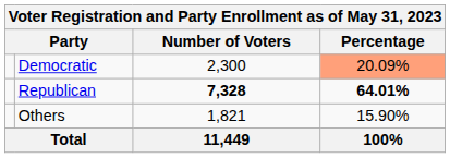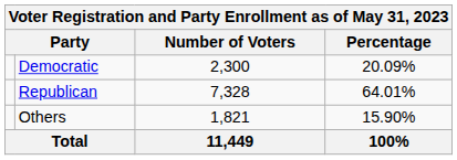 <table class=wikitable>
 <tr>
 <th colspan = 6>Voter Registration and Party Enrollment as of May 31, 2023</th>
 </tr>
 <tr>
 <th colspan = 2>Party</th>
 <th>Number of Voters</th>
 <th>Percentage</th>
 </tr>
 <tr>
 <td></td>
 <td><a href='#'>Democratic</a></td>
 <td align = center>2,300</td>
-<td align = center style="background: lightsalmon;">20.09%</td>
+<td align = center>20.09%</td>
 </tr>
 <tr>
 <td></td>
 <td><a href='#'>Republican</a></td>
-<td align = center><strong>7,328</strong></td>
-<td align = center><strong>64.01%</strong></td>
+<td align = center>7,328</td>
+<td align = center>64.01%</td>
 </tr>
 <tr>
 <td></td>
 <td>Others</td>
 <td align = center>1,821</td>
 <td align = center>15.90%</td>
 </tr>
 <tr>
 <th colspan = 2>Total</th>
 <th align = center>11,449</th>
 <th align = center>100%</th>
 </tr>
 </table>
